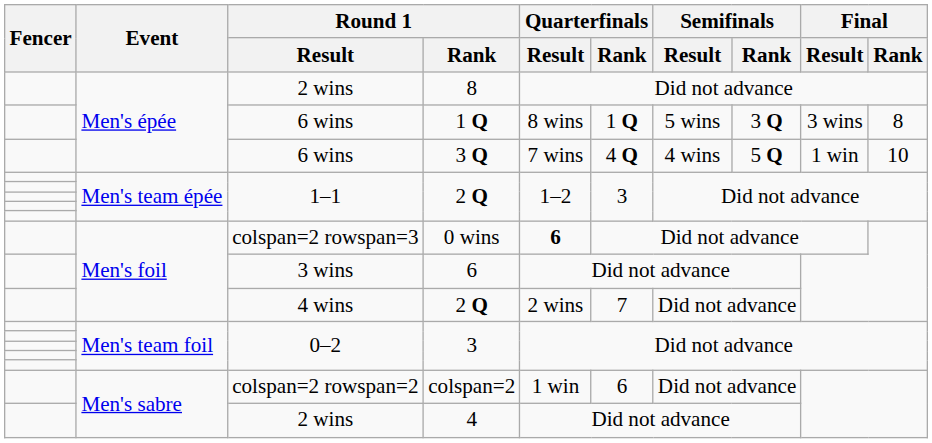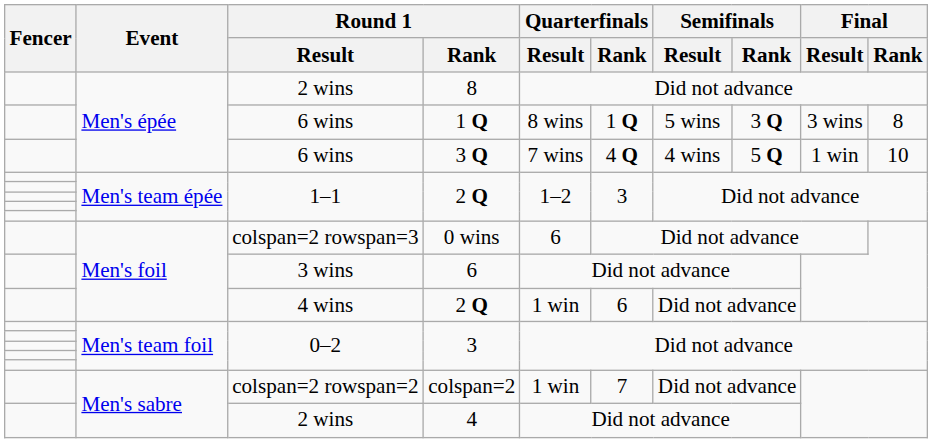 <table class="wikitable sortable" style="text-align:center">
 <tr>
 <th rowspan=2>Fencer</th>
 <th rowspan=2>Event</th>
 <th colspan=2>Round 1</th>
 <th colspan=2>Quarterfinals</th>
 <th colspan=2>Semifinals</th>
 <th colspan=2>Final</th>
 </tr>
 <tr>
 <th>Result</th>
 <th>Rank</th>
 <th>Result</th>
 <th>Rank</th>
 <th>Result</th>
 <th>Rank</th>
 <th>Result</th>
 <th>Rank</th>
 </tr>
 <tr>
 <td align=left></td>
 <td align=left rowspan=3><a href='#'>Men's épée</a></td>
 <td>2 wins</td>
 <td>8</td>
 <td colspan=6>Did not advance</td>
 </tr>
 <tr>
 <td align=left></td>
 <td>6 wins</td>
 <td>1 <strong>Q</strong></td>
 <td>8 wins</td>
 <td>1 <strong>Q</strong></td>
 <td>5 wins</td>
 <td>3 <strong>Q</strong></td>
 <td>3 wins</td>
 <td>8</td>
 </tr>
 <tr>
 <td align=left></td>
 <td>6 wins</td>
 <td>3 <strong>Q</strong></td>
 <td>7 wins</td>
 <td>4 <strong>Q</strong></td>
 <td>4 wins</td>
 <td>5 <strong>Q</strong></td>
 <td>1 win</td>
 <td>10</td>
 </tr>
 <tr>
 <td align=left></td>
 <td align=left rowspan=5><a href='#'>Men's team épée</a></td>
 <td rowspan=5>1–1</td>
 <td rowspan=5>2 <strong>Q</strong></td>
 <td rowspan=5>1–2</td>
 <td rowspan=5>3</td>
 <td colspan=4 rowspan=5>Did not advance</td>
 </tr>
 <tr>
 <td align=left></td>
 </tr>
 <tr>
 <td align=left></td>
 </tr>
 <tr>
 <td align=left></td>
 </tr>
 <tr>
 <td align=left></td>
 </tr>
 <tr>
 <td align=left></td>
 <td align=left rowspan=3><a href='#'>Men's foil</a></td>
 <td>colspan=2 rowspan=3 </td>
 <td>0 wins</td>
-<td><strong>6</strong></td>
+<td>6</td>
 <td colspan=4>Did not advance</td>
 </tr>
 <tr>
 <td align=left></td>
 <td>3 wins</td>
 <td>6</td>
 <td colspan=4>Did not advance</td>
 </tr>
 <tr>
 <td align=left></td>
 <td>4 wins</td>
 <td>2 <strong>Q</strong></td>
-<td>2 wins</td>
-<td>7</td>
+<td>1 win</td>
+<td>6</td>
 <td colspan=2>Did not advance</td>
 </tr>
 <tr>
 <td align=left></td>
 <td align=left rowspan=5><a href='#'>Men's team foil</a></td>
 <td rowspan=5>0–2</td>
 <td rowspan=5>3</td>
 <td colspan=6 rowspan=5>Did not advance</td>
 </tr>
 <tr>
 <td align=left></td>
 </tr>
 <tr>
 <td align=left></td>
 </tr>
 <tr>
 <td align=left></td>
 </tr>
 <tr>
 <td align=left></td>
 </tr>
 <tr>
 <td align=left></td>
 <td align=left rowspan=2><a href='#'>Men's sabre</a></td>
 <td>colspan=2 rowspan=2 </td>
 <td>colspan=2 </td>
 <td>1 win</td>
-<td>6</td>
+<td>7</td>
 <td colspan=2>Did not advance</td>
 </tr>
 <tr>
 <td align=left></td>
 <td>2 wins</td>
 <td>4</td>
 <td colspan=4>Did not advance</td>
 </tr>
 </table>
